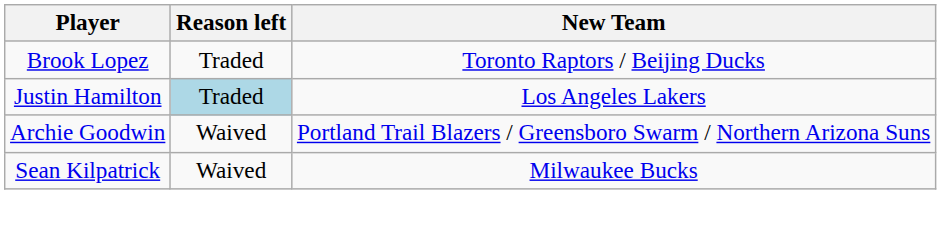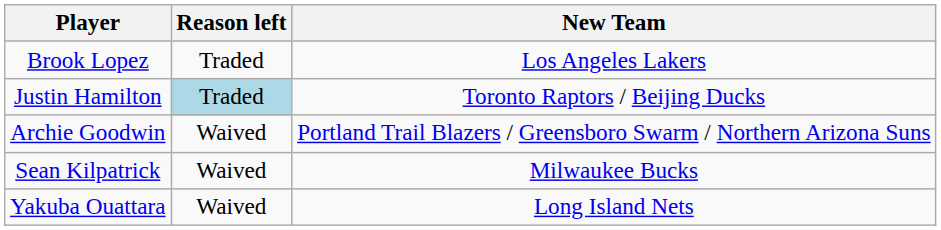 <table class="wikitable sortable sortable" style="text-align: center">
 <tr>
 <th>Player</th>
 <th>Reason left</th>
 <th>New Team</th>
 </tr>
 <tr>
 <td><a href='#'>Brook Lopez</a></td>
 <td>Traded</td>
-<td> <a href='#'>Toronto Raptors</a> /  <a href='#'>Beijing Ducks</a></td>
+<td><a href='#'>Los Angeles Lakers</a></td>
 </tr>
 <tr>
 <td><a href='#'>Justin Hamilton</a></td>
 <td style="background: lightblue;">Traded</td>
-<td><a href='#'>Los Angeles Lakers</a></td>
+<td> <a href='#'>Toronto Raptors</a> /  <a href='#'>Beijing Ducks</a></td>
 </tr>
 <tr>
 <td><a href='#'>Archie Goodwin</a></td>
 <td>Waived</td>
 <td><a href='#'>Portland Trail Blazers</a> / <a href='#'>Greensboro Swarm</a> / <a href='#'>Northern Arizona Suns</a></td>
 </tr>
 <tr>
 <td><a href='#'>Sean Kilpatrick</a></td>
 <td>Waived</td>
 <td><a href='#'>Milwaukee Bucks</a></td>
 </tr>
+<tr>
+<td><a href='#'>Yakuba Ouattara</a></td>
+<td>Waived</td>
+<td><a href='#'>Long Island Nets</a></td>
+</tr>
 </table>
